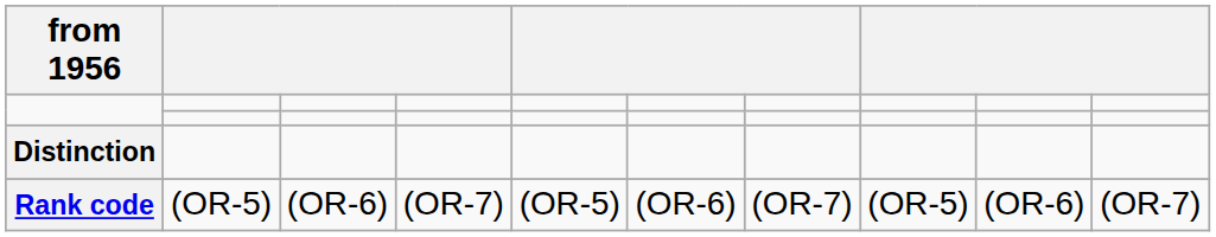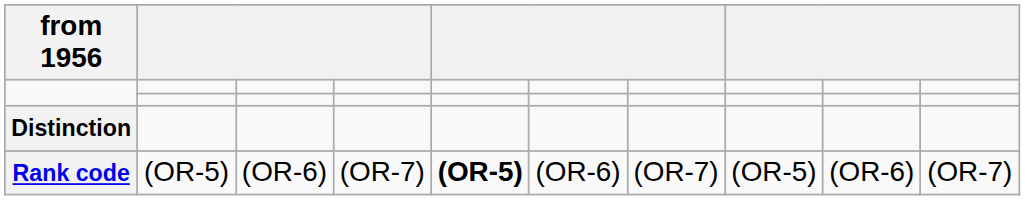 <table class="wikitable">
 <tr>
 <th>from<br>1956</th>
 <th colspan="3" scope="col"></th>
 <th colspan="3" scope="col"></th>
 <th colspan="4" scope="col"></th>
 </tr>
 <tr align="center">
 <td rowspan="2"></td>
 <td></td>
 <td></td>
 <td></td>
 <td></td>
 <td></td>
 <td></td>
 <td> </td>
 <td> </td>
 <td> </td>
 </tr>
 <tr align="center">
 <td></td>
 <td></td>
 <td></td>
 <td></td>
 <td></td>
 <td></td>
 <td></td>
 <td></td>
 <td></td>
 </tr>
 <tr align="center">
 <th scope="row"><small>Distinction</small></th>
 <td></td>
 <td></td>
 <td></td>
 <td></td>
 <td></td>
 <td></td>
 <td></td>
 <td></td>
 <td></td>
 </tr>
 <tr align="center">
 <th scope="row"><a href='#'><small>Rank code</small></a></th>
 <td>(OR-5)</td>
 <td>(OR-6)</td>
 <td>(OR-7)</td>
-<td>(OR-5)</td>
+<td><strong>(OR-5)</strong></td>
 <td>(OR-6)</td>
 <td>(OR-7)</td>
 <td>(OR-5)</td>
 <td>(OR-6)</td>
 <td>(OR-7)</td>
 </tr>
 </table>
